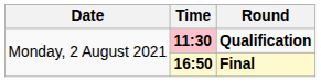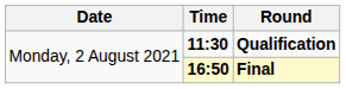 <table class="wikitable">
 <tr>
 <th>Date</th>
 <th>Time</th>
 <th>Round</th>
 </tr>
 <tr>
 <td rowspan=2>Monday, 2 August 2021</td>
-<td style="background: pink;"><strong>11:30</strong></td>
+<td><strong>11:30</strong></td>
 <td><strong>Qualification</strong></td>
 </tr>
 <tr style=background:lemonchiffon>
 <td><strong>16:50</strong></td>
 <td><strong>Final</strong></td>
 </tr>
 </table>
